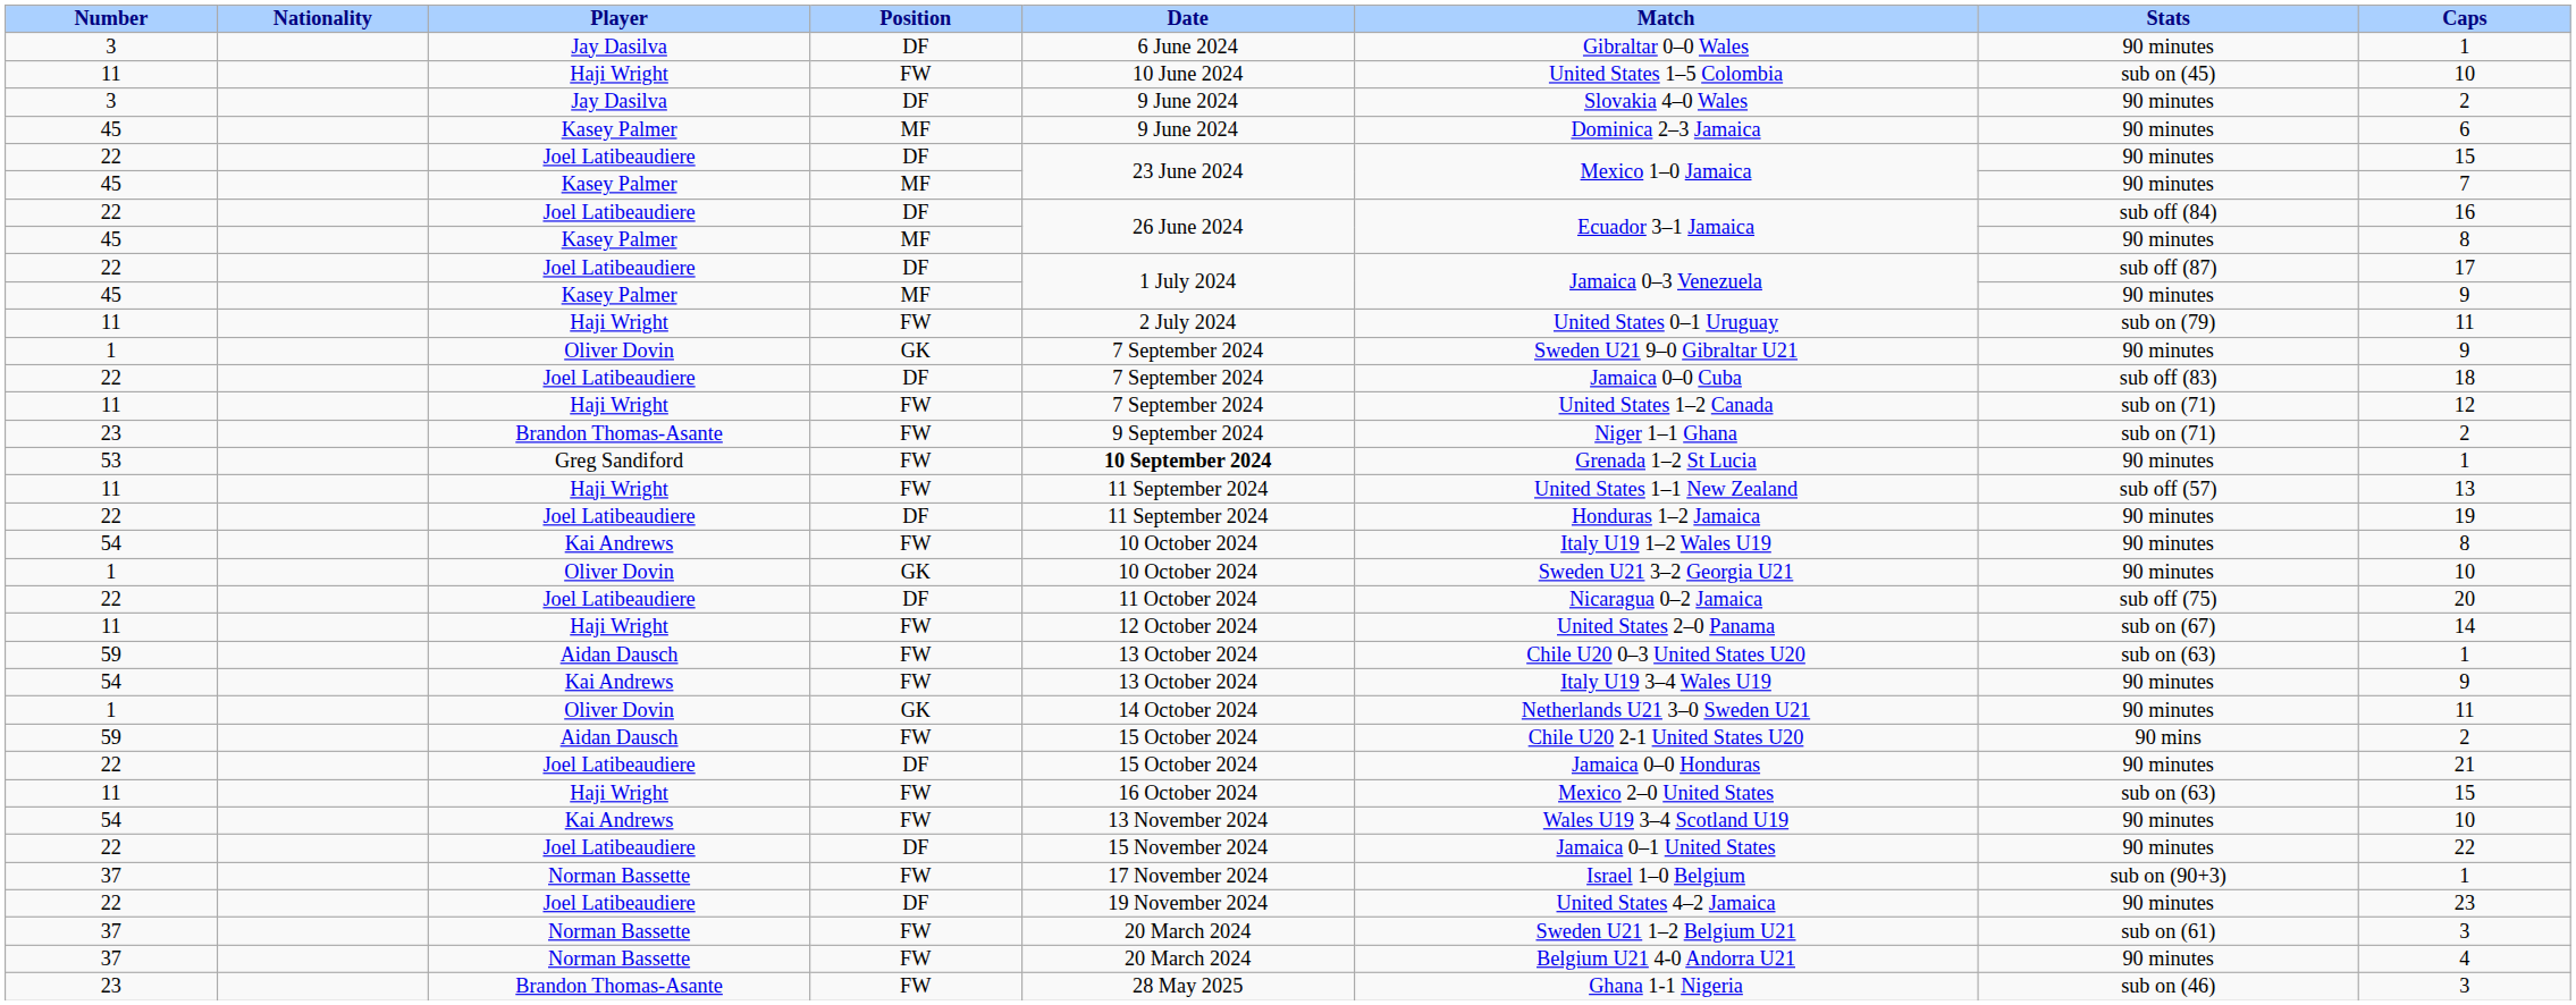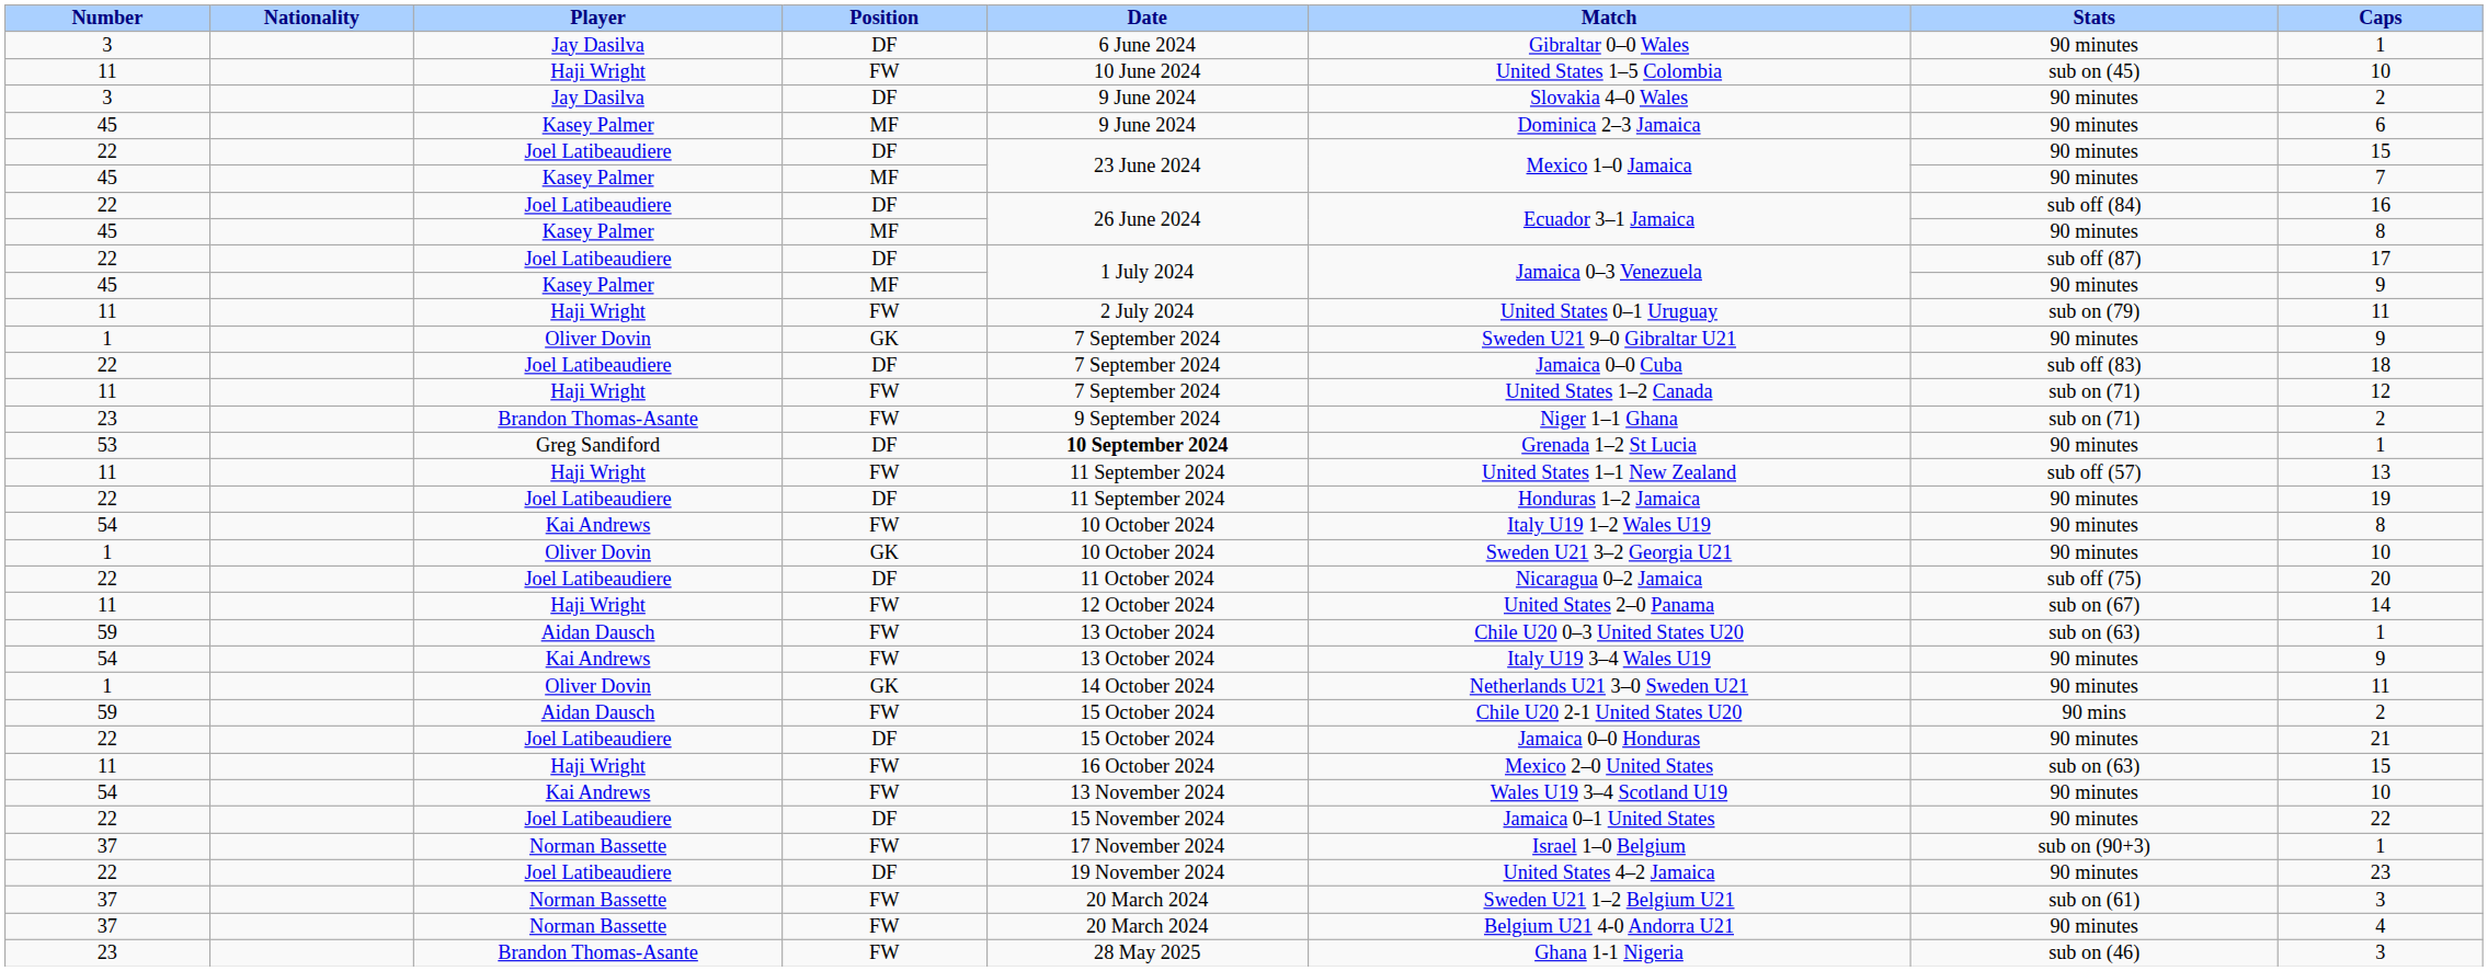 <table class="wikitable sortable alternance" style="font-size:100%; text-align:center; line-height:14px; width:100%;">
 <tr>
 <th style="background:#AAD0FF; color:#000080; width:80px;">Number</th>
 <th style="background:#AAD0FF; color:#000080; width:80px;">Nationality</th>
 <th style="background:#AAD0FF; color:#000080; width:150px;">Player</th>
 <th style="background:#AAD0FF; color:#000080; width:80px;">Position</th>
 <th style="background:#AAD0FF; color:#000080; width:130px;">Date</th>
 <th style="background:#AAD0FF; color:#000080; width:250px;">Match</th>
 <th style="background:#AAD0FF; color:#000080; width:150px;">Stats</th>
 <th style="background:#AAD0FF; color:#000080; width:80px;">Caps</th>
 </tr>
 <tr>
 <td>3</td>
 <td></td>
 <td><a href='#'>Jay Dasilva</a></td>
 <td>DF</td>
 <td>6 June 2024</td>
 <td> <a href='#'>Gibraltar</a> 0–0 <a href='#'>Wales</a> </td>
 <td>90 minutes</td>
 <td>1</td>
 </tr>
 <tr>
 <td>11</td>
 <td></td>
 <td><a href='#'>Haji Wright</a></td>
 <td>FW</td>
 <td>10 June 2024</td>
 <td> <a href='#'>United States</a> 1–5 <a href='#'>Colombia</a> </td>
 <td>sub on (45)</td>
 <td>10</td>
 </tr>
 <tr>
 <td>3</td>
 <td></td>
 <td><a href='#'>Jay Dasilva</a></td>
 <td>DF</td>
 <td>9 June 2024</td>
 <td> <a href='#'>Slovakia</a> 4–0 <a href='#'>Wales</a> </td>
 <td>90 minutes</td>
 <td>2</td>
 </tr>
 <tr>
 <td>45</td>
 <td></td>
 <td><a href='#'>Kasey Palmer</a></td>
 <td>MF</td>
 <td>9 June 2024</td>
 <td> <a href='#'>Dominica</a> 2–3 <a href='#'>Jamaica</a> </td>
 <td>90 minutes</td>
 <td>6</td>
 </tr>
 <tr>
 <td>22</td>
 <td></td>
 <td><a href='#'>Joel Latibeaudiere</a></td>
 <td>DF</td>
 <td rowspan="2">23 June 2024</td>
 <td rowspan="2"> <a href='#'>Mexico</a> 1–0 <a href='#'>Jamaica</a> </td>
 <td>90 minutes</td>
 <td>15</td>
 </tr>
 <tr>
 <td>45</td>
 <td></td>
 <td><a href='#'>Kasey Palmer</a></td>
 <td>MF</td>
 <td>90 minutes</td>
 <td>7</td>
 </tr>
 <tr>
 <td>22</td>
 <td></td>
 <td><a href='#'>Joel Latibeaudiere</a></td>
 <td>DF</td>
 <td rowspan="2">26 June 2024</td>
 <td rowspan="2"> <a href='#'>Ecuador</a> 3–1 <a href='#'>Jamaica</a> </td>
 <td>sub off (84) </td>
 <td>16</td>
 </tr>
 <tr>
 <td>45</td>
 <td></td>
 <td><a href='#'>Kasey Palmer</a></td>
 <td>MF</td>
 <td>90 minutes </td>
 <td>8</td>
 </tr>
 <tr>
 <td>22</td>
 <td></td>
 <td><a href='#'>Joel Latibeaudiere</a></td>
 <td>DF</td>
 <td rowspan="2">1 July 2024</td>
 <td rowspan="2"> <a href='#'>Jamaica</a> 0–3 <a href='#'>Venezuela</a> </td>
 <td>sub off (87)</td>
 <td>17</td>
 </tr>
 <tr>
 <td>45</td>
 <td></td>
 <td><a href='#'>Kasey Palmer</a></td>
 <td>MF</td>
 <td>90 minutes</td>
 <td>9</td>
 </tr>
 <tr>
 <td>11</td>
 <td></td>
 <td><a href='#'>Haji Wright</a></td>
 <td>FW</td>
 <td>2 July 2024</td>
 <td> <a href='#'>United States</a> 0–1 <a href='#'>Uruguay</a> </td>
 <td>sub on (79)</td>
 <td>11</td>
 </tr>
 <tr>
 <td>1</td>
 <td></td>
 <td><a href='#'>Oliver Dovin</a></td>
 <td>GK</td>
 <td>7 September 2024</td>
 <td> <a href='#'>Sweden U21</a> 9–0 <a href='#'>Gibraltar U21</a> </td>
 <td>90 minutes</td>
 <td>9</td>
 </tr>
 <tr>
 <td>22</td>
 <td></td>
 <td><a href='#'>Joel Latibeaudiere</a></td>
 <td>DF</td>
 <td>7 September 2024</td>
 <td> <a href='#'>Jamaica</a> 0–0 <a href='#'>Cuba</a> </td>
 <td>sub off (83)</td>
 <td>18</td>
 </tr>
 <tr>
 <td>11</td>
 <td></td>
 <td><a href='#'>Haji Wright</a></td>
 <td>FW</td>
 <td>7 September 2024</td>
 <td> <a href='#'>United States</a> 1–2 <a href='#'>Canada</a> </td>
 <td>sub on (71)</td>
 <td>12</td>
 </tr>
 <tr>
 <td>23</td>
 <td></td>
 <td><a href='#'>Brandon Thomas-Asante</a></td>
 <td>FW</td>
 <td>9 September 2024</td>
 <td> <a href='#'>Niger</a> 1–1 <a href='#'>Ghana</a> </td>
 <td>sub on (71)</td>
 <td>2</td>
 </tr>
 <tr>
 <td>53</td>
 <td></td>
 <td>Greg Sandiford</td>
-<td>FW</td>
+<td>DF</td>
 <td><strong>10 September 2024</strong></td>
 <td> <a href='#'>Grenada</a> 1–2 <a href='#'>St Lucia</a> </td>
 <td>90 minutes</td>
 <td>1</td>
 </tr>
 <tr>
 <td>11</td>
 <td></td>
 <td><a href='#'>Haji Wright</a></td>
 <td>FW</td>
 <td>11 September 2024</td>
 <td> <a href='#'>United States</a> 1–1 <a href='#'>New Zealand</a> </td>
 <td>sub off (57)</td>
 <td>13</td>
 </tr>
 <tr>
 <td>22</td>
 <td></td>
 <td><a href='#'>Joel Latibeaudiere</a></td>
 <td>DF</td>
 <td>11 September 2024</td>
 <td> <a href='#'>Honduras</a> 1–2 <a href='#'>Jamaica</a> </td>
 <td>90 minutes</td>
 <td>19</td>
 </tr>
 <tr>
 <td>54</td>
 <td></td>
 <td><a href='#'>Kai Andrews</a></td>
 <td>FW</td>
 <td>10 October 2024</td>
 <td> <a href='#'>Italy U19</a> 1–2 <a href='#'>Wales U19</a> </td>
 <td>90 minutes</td>
 <td>8</td>
 </tr>
 <tr>
 <td>1</td>
 <td></td>
 <td><a href='#'>Oliver Dovin</a></td>
 <td>GK</td>
 <td>10 October 2024</td>
 <td> <a href='#'>Sweden U21</a> 3–2 <a href='#'>Georgia U21</a> </td>
 <td>90 minutes </td>
 <td>10</td>
 </tr>
 <tr>
 <td>22</td>
 <td></td>
 <td><a href='#'>Joel Latibeaudiere</a></td>
 <td>DF</td>
 <td>11 October 2024</td>
 <td> <a href='#'>Nicaragua</a> 0–2 <a href='#'>Jamaica</a> </td>
 <td>sub off (75)</td>
 <td>20</td>
 </tr>
 <tr>
 <td>11</td>
 <td></td>
 <td><a href='#'>Haji Wright</a></td>
 <td>FW</td>
 <td>12 October 2024</td>
 <td> <a href='#'>United States</a> 2–0 <a href='#'>Panama</a> </td>
 <td>sub on (67)</td>
 <td>14</td>
 </tr>
 <tr>
 <td>59</td>
 <td></td>
 <td><a href='#'>Aidan Dausch</a></td>
 <td>FW</td>
 <td>13 October 2024</td>
 <td> <a href='#'>Chile U20</a> 0–3 <a href='#'>United States U20</a> </td>
 <td>sub on (63)</td>
 <td>1</td>
 </tr>
 <tr>
 <td>54</td>
 <td></td>
 <td><a href='#'>Kai Andrews</a></td>
 <td>FW</td>
 <td>13 October 2024</td>
 <td> <a href='#'>Italy U19</a> 3–4 <a href='#'>Wales U19</a> </td>
 <td>90 minutes </td>
 <td>9</td>
 </tr>
 <tr>
 <td>1</td>
 <td></td>
 <td><a href='#'>Oliver Dovin</a></td>
 <td>GK</td>
 <td>14 October 2024</td>
 <td> <a href='#'> Netherlands U21</a> 3–0 <a href='#'>Sweden U21</a> </td>
 <td>90 minutes</td>
 <td>11</td>
 </tr>
 <tr>
 <td>59</td>
 <td></td>
 <td><a href='#'>Aidan Dausch</a></td>
 <td>FW</td>
 <td>15 October 2024</td>
 <td> <a href='#'>Chile U20</a> 2-1 <a href='#'>United States U20</a> </td>
 <td>90 mins</td>
 <td>2</td>
 </tr>
 <tr>
 <td>22</td>
 <td></td>
 <td><a href='#'>Joel Latibeaudiere</a></td>
 <td>DF</td>
 <td>15 October 2024</td>
 <td> <a href='#'>Jamaica</a> 0–0 <a href='#'>Honduras</a> </td>
 <td>90 minutes</td>
 <td>21</td>
 </tr>
 <tr>
 <td>11</td>
 <td></td>
 <td><a href='#'>Haji Wright</a></td>
 <td>FW</td>
 <td>16 October 2024</td>
 <td> <a href='#'>Mexico</a> 2–0 <a href='#'>United States</a> </td>
 <td>sub on (63)</td>
 <td>15</td>
 </tr>
 <tr>
 <td>54</td>
 <td></td>
 <td><a href='#'>Kai Andrews</a></td>
 <td>FW</td>
 <td>13 November 2024</td>
 <td> <a href='#'>Wales U19</a> 3–4 <a href='#'>Scotland U19</a> </td>
 <td>90 minutes </td>
 <td>10</td>
 </tr>
 <tr>
 <td>22</td>
 <td></td>
 <td><a href='#'>Joel Latibeaudiere</a></td>
 <td>DF</td>
 <td>15 November 2024</td>
 <td> <a href='#'>Jamaica</a> 0–1 <a href='#'>United States</a> </td>
 <td>90 minutes</td>
 <td>22</td>
 </tr>
 <tr>
 <td>37</td>
 <td></td>
 <td><a href='#'>Norman Bassette</a></td>
 <td>FW</td>
 <td>17 November 2024</td>
 <td> <a href='#'>Israel</a> 1–0 <a href='#'>Belgium</a> </td>
 <td>sub on (90+3)</td>
 <td>1</td>
 </tr>
 <tr>
 <td>22</td>
 <td></td>
 <td><a href='#'>Joel Latibeaudiere</a></td>
 <td>DF</td>
 <td>19 November 2024</td>
 <td> <a href='#'>United States</a> 4–2 <a href='#'>Jamaica</a> </td>
 <td>90 minutes</td>
 <td>23</td>
 </tr>
 <tr>
 <td>37</td>
 <td></td>
 <td><a href='#'>Norman Bassette</a></td>
 <td>FW</td>
 <td>20 March 2024</td>
 <td> <a href='#'>Sweden U21</a> 1–2 <a href='#'>Belgium U21</a> </td>
 <td>sub on (61)</td>
 <td>3</td>
 </tr>
 <tr>
 <td>37</td>
 <td></td>
 <td><a href='#'>Norman Bassette</a></td>
 <td>FW</td>
 <td>20 March 2024</td>
 <td> <a href='#'>Belgium U21</a> 4-0 <a href='#'>Andorra U21</a> </td>
 <td>90 minutes </td>
 <td>4</td>
 </tr>
 <tr>
 <td>23</td>
 <td></td>
 <td><a href='#'>Brandon Thomas-Asante</a></td>
 <td>FW</td>
 <td>28 May 2025</td>
 <td> <a href='#'>Ghana</a> 1-1  <a href='#'>Nigeria</a> </td>
 <td>sub on (46) </td>
 <td>3</td>
 </tr>
 </table>
